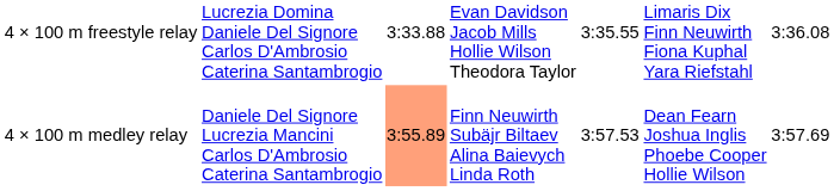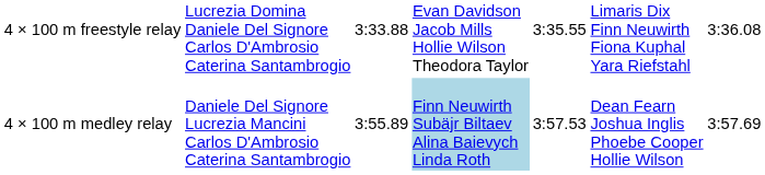 <table>
 <tr>
 <td>4 × 100 m freestyle relay</td>
 <td valign=top><br><a href='#'>Lucrezia Domina</a><br><a href='#'>Daniele Del Signore</a><br><a href='#'>Carlos D'Ambrosio</a><br><a href='#'>Caterina Santambrogio</a></td>
 <td>3:33.88</td>
 <td valign=top><br><a href='#'>Evan Davidson</a><br><a href='#'>Jacob Mills</a><br><a href='#'>Hollie Wilson</a><br>Theodora Taylor</td>
 <td>3:35.55</td>
 <td valign=top><br><a href='#'>Limaris Dix</a><br><a href='#'>Finn Neuwirth</a><br><a href='#'>Fiona Kuphal</a><br><a href='#'>Yara Riefstahl</a></td>
 <td>3:36.08</td>
 </tr>
 <tr>
 <td>4 × 100 m medley relay</td>
 <td valign=top><br><a href='#'>Daniele Del Signore</a><br><a href='#'>Lucrezia Mancini</a><br><a href='#'>Carlos D'Ambrosio</a><br><a href='#'>Caterina Santambrogio</a></td>
-<td style="background: lightsalmon;">3:55.89</td>
-<td valign=top><br><a href='#'>Finn Neuwirth</a><br><a href='#'>Subäjr Biltaev</a><br><a href='#'>Alina Baievych</a><br><a href='#'>Linda Roth</a></td>
+<td>3:55.89</td>
+<td valign=top style="background: lightblue;"><br><a href='#'>Finn Neuwirth</a><br><a href='#'>Subäjr Biltaev</a><br><a href='#'>Alina Baievych</a><br><a href='#'>Linda Roth</a></td>
 <td>3:57.53</td>
 <td valign=top><br><a href='#'>Dean Fearn</a><br><a href='#'>Joshua Inglis</a><br><a href='#'>Phoebe Cooper</a><br><a href='#'>Hollie Wilson</a></td>
 <td>3:57.69</td>
 </tr>
 </table>
